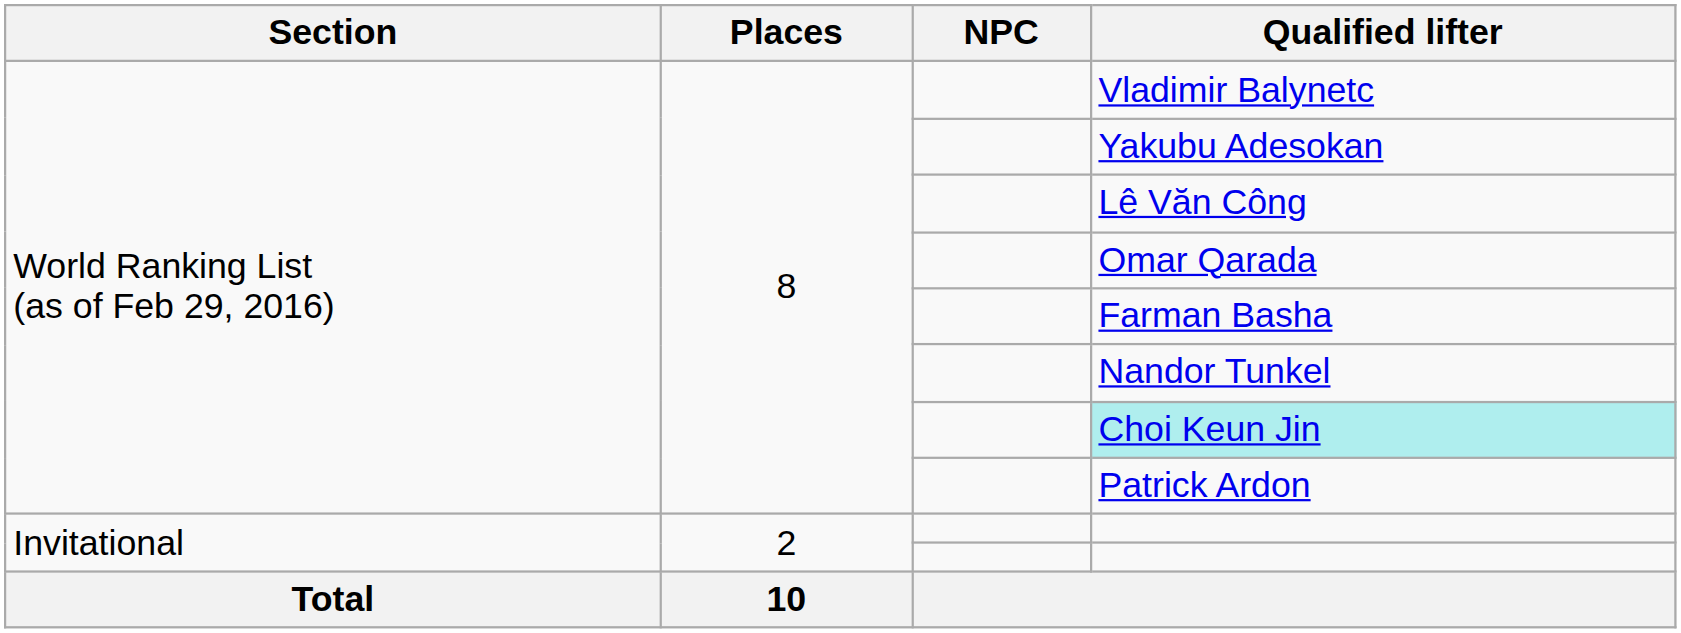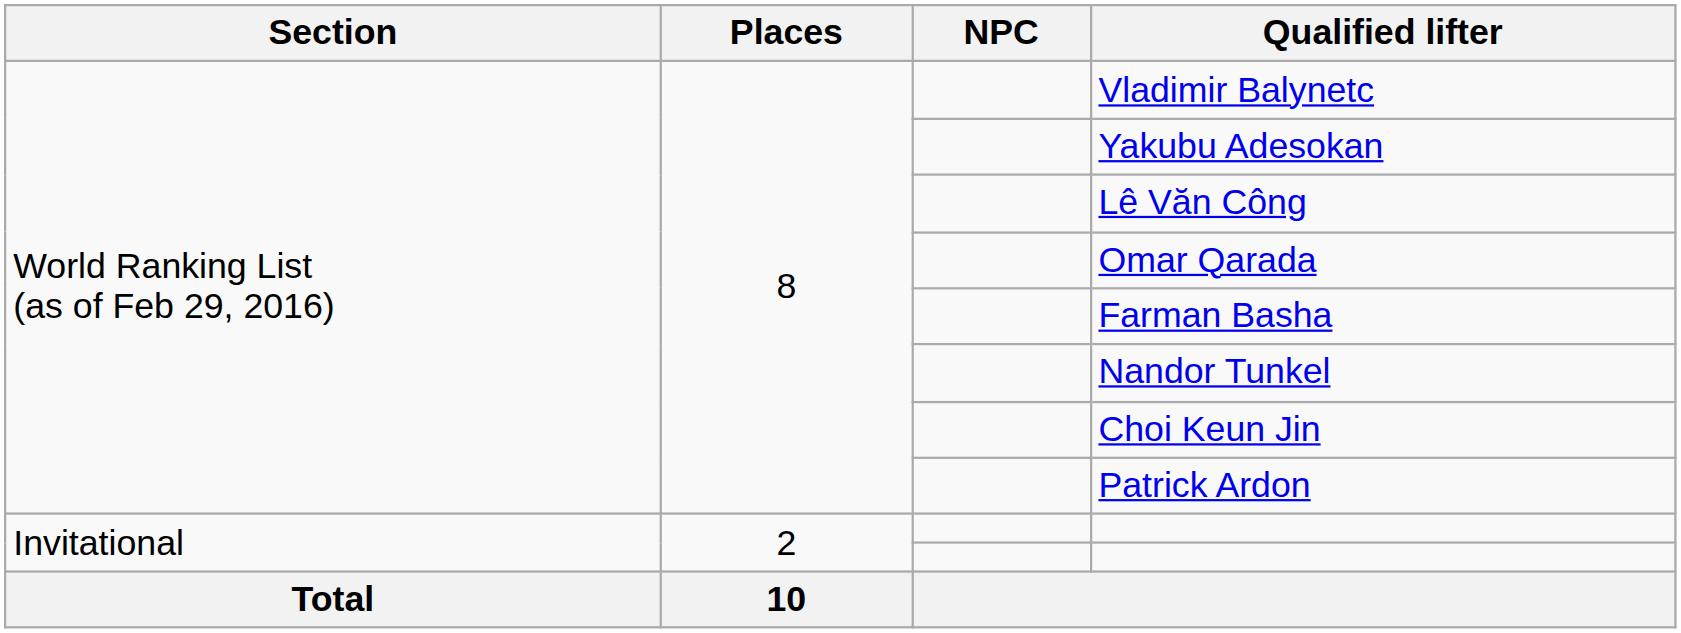 <table class="wikitable"  width=750>
 <tr>
 <th>Section</th>
 <th>Places</th>
 <th>NPC</th>
 <th>Qualified lifter</th>
 </tr>
 <tr>
 <td rowspan=8>World Ranking List<br>(as of Feb 29, 2016)</td>
 <td rowspan=8 align=center>8</td>
 <td></td>
 <td><a href='#'>Vladimir Balynetc</a></td>
 </tr>
 <tr>
 <td></td>
 <td><a href='#'>Yakubu Adesokan</a></td>
 </tr>
 <tr>
 <td></td>
 <td><a href='#'>Lê Văn Công</a></td>
 </tr>
 <tr>
 <td></td>
 <td><a href='#'>Omar Qarada</a></td>
 </tr>
 <tr>
 <td></td>
 <td><a href='#'>Farman Basha</a></td>
 </tr>
 <tr>
 <td></td>
 <td><a href='#'>Nandor Tunkel</a></td>
 </tr>
 <tr>
 <td></td>
-<td style="background: paleturquoise;"><a href='#'>Choi Keun Jin</a></td>
+<td><a href='#'>Choi Keun Jin</a></td>
 </tr>
 <tr>
 <td></td>
 <td><a href='#'>Patrick Ardon</a></td>
 </tr>
 <tr>
 <td rowspan=2>Invitational</td>
 <td rowspan="2" align=center>2</td>
 <td></td>
 <td></td>
 </tr>
 <tr>
 <td></td>
 <td></td>
 </tr>
 <tr>
 <th>Total</th>
 <th>10</th>
 <th colspan=2></th>
 </tr>
 </table>
